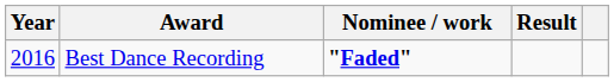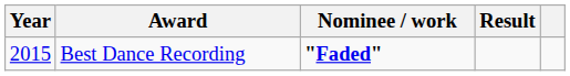 <table class="wikitable plainrowheaders" style="width:70%;">
 <tr>
 <th scope="col" style="width:4%;">Year</th>
 <th scope="col" style="width:50%;">Award</th>
 <th scope="col" style="width:35%;">Nominee / work</th>
 <th scope="col" style="width:6%;">Result</th>
 <th scope="col" style="width:6%;"></th>
 </tr>
 <tr>
-<td><a href='#'>2016</a></td>
+<td><a href='#'>2015</a></td>
 <td><a href='#'>Best Dance Recording</a></td>
 <td><strong>"<a href='#'>Faded</a>"</strong></td>
 <td></td>
 <td></td>
 </tr>
 </table>
